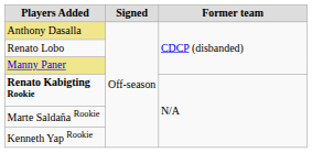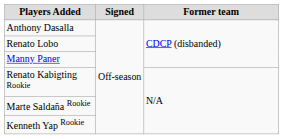 <table class="wikitable sortable sortable">
 <tr align="center" bgcolor="#dddddd">
 <td style="width:140px"><strong>Players Added</strong></td>
 <td style="width:70px"><strong>Signed</strong></td>
 <td style="width:210px"><strong>Former team</strong></td>
 </tr>
 <tr>
-<td style="background: khaki;">Anthony Dasalla</td>
+<td>Anthony Dasalla</td>
 <td rowspan="6">Off-season</td>
 <td rowspan="3"><a href='#'>CDCP</a> (disbanded)</td>
 </tr>
 <tr>
 <td>Renato Lobo</td>
 </tr>
 <tr>
-<td style="background: khaki;"><a href='#'>Manny Paner</a></td>
+<td><a href='#'>Manny Paner</a></td>
 </tr>
 <tr>
-<td><strong>Renato Kabigting <sup>Rookie</sup></strong></td>
+<td>Renato Kabigting <sup>Rookie</sup></td>
 <td rowspan="3">N/A</td>
 </tr>
 <tr>
 <td>Marte Saldaña <sup>Rookie</sup></td>
 </tr>
 <tr>
 <td>Kenneth Yap <sup>Rookie</sup></td>
 </tr>
 </table>
